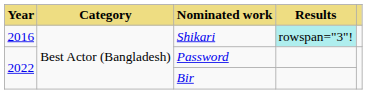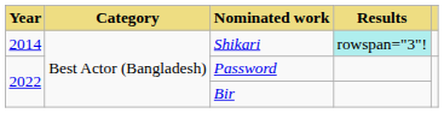 <table class="wikitable" style="width=80%;">
 <tr>
 <th style="background:#EEDD82;">Year</th>
 <th style="background:#EEDD82;">Category</th>
 <th style="background:#EEDD82;">Nominated work</th>
 <th style="background:#EEDD82;">Results</th>
 <th style="background:#EEDD82;"></th>
 </tr>
 <tr>
-<td><a href='#'>2016</a></td>
+<td><a href='#'>2014</a></td>
 <td rowspan="3">Best Actor (Bangladesh)</td>
 <td><em><a href='#'>Shikari</a></em></td>
 <td style="background: paleturquoise;">rowspan="3"! </td>
 <td></td>
 </tr>
 <tr>
 <td rowspan="2"><a href='#'>2022</a></td>
 <td><em><a href='#'>Password</a></em></td>
 <td></td>
 </tr>
 <tr>
 <td><em><a href='#'>Bir</a></em></td>
 <td></td>
 </tr>
 </table>
